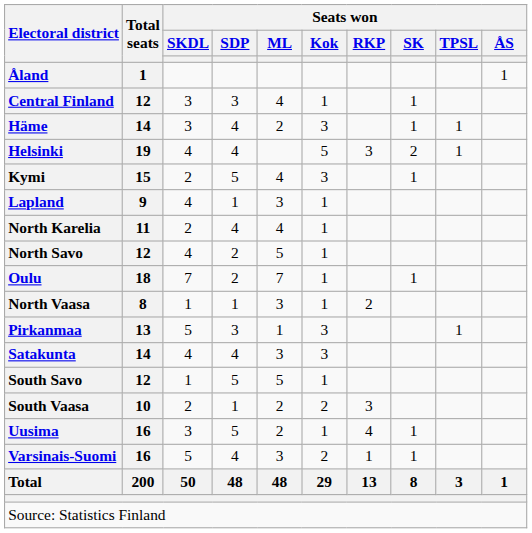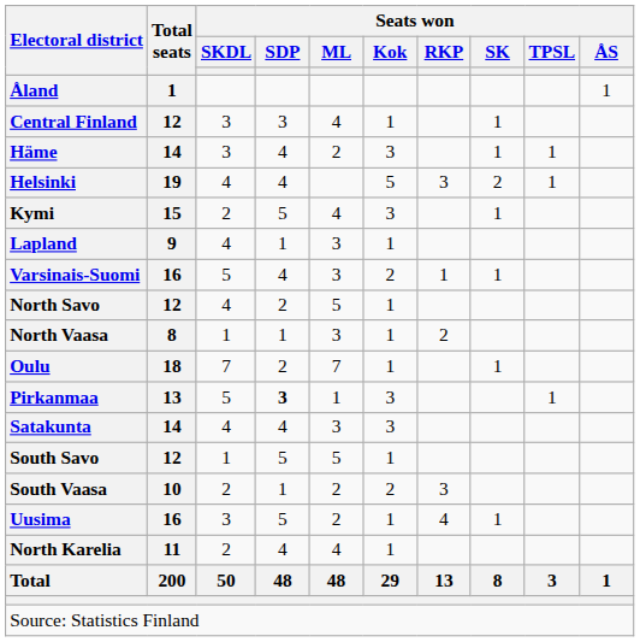 <table class="wikitable" style="text-align:center; font-size: 0.9em;">
 <tr>
 <th rowspan="3"><a href='#'>Electoral district</a></th>
 <th rowspan="3">Total<br>seats</th>
 <th colspan="8">Seats won</th>
 </tr>
 <tr>
 <th class="unsortable" style="width:35px;"><a href='#'>SKDL</a></th>
 <th class="unsortable" style="width:35px;"><a href='#'>SDP</a></th>
 <th class="unsortable" style="width:35px;"><a href='#'>ML</a></th>
 <th class="unsortable" style="width:35px;"><a href='#'>Kok</a></th>
 <th class="unsortable" style="width:35px;"><a href='#'>RKP</a></th>
 <th class="unsortable" style="width:35px;"><a href='#'>SK</a></th>
 <th class="unsortable" style="width:35px;"><a href='#'>TPSL</a></th>
 <th class="unsortable" style="width:35px;"><a href='#'>ÅS</a></th>
 </tr>
 <tr>
 <th style="background:"></th>
 <th style="background:"></th>
 <th style="background:"></th>
 <th style="background:"></th>
 <th style="background:"></th>
 <th style="background:"></th>
 <th style="background:"></th>
 <th style="background:"></th>
 </tr>
 <tr>
 <th style="text-align: left;"><a href='#'>Åland</a></th>
 <th>1</th>
 <td></td>
 <td></td>
 <td></td>
 <td></td>
 <td></td>
 <td></td>
 <td></td>
 <td>1</td>
 </tr>
 <tr>
 <th style="text-align: left;"><a href='#'>Central Finland</a></th>
 <th>12</th>
 <td>3</td>
 <td>3</td>
 <td>4</td>
 <td>1</td>
 <td></td>
 <td>1</td>
 <td></td>
 <td></td>
 </tr>
 <tr>
 <th style="text-align: left;"><a href='#'>Häme</a></th>
 <th>14</th>
 <td>3</td>
 <td>4</td>
 <td>2</td>
 <td>3</td>
 <td></td>
 <td>1</td>
 <td>1</td>
 <td></td>
 </tr>
 <tr>
 <th style="text-align: left;"><a href='#'>Helsinki</a></th>
 <th>19</th>
 <td>4</td>
 <td>4</td>
 <td></td>
 <td>5</td>
 <td>3</td>
 <td>2</td>
 <td>1</td>
 <td></td>
 </tr>
 <tr>
 <th style="text-align: left;">Kymi</th>
 <th>15</th>
 <td>2</td>
 <td>5</td>
 <td>4</td>
 <td>3</td>
 <td></td>
 <td>1</td>
 <td></td>
 <td></td>
 </tr>
 <tr>
 <th style="text-align: left;"><a href='#'>Lapland</a></th>
 <th>9</th>
 <td>4</td>
 <td>1</td>
 <td>3</td>
 <td>1</td>
 <td></td>
 <td></td>
 <td></td>
 <td></td>
 </tr>
 <tr>
-<th style="text-align: left;">North Karelia</th>
-<th>11</th>
+<th style="text-align: left;"><a href='#'>Varsinais-Suomi</a></th>
+<th>16</th>
+<td>5</td>
+<td>4</td>
+<td>3</td>
 <td>2</td>
-<td>4</td>
-<td>4</td>
 <td>1</td>
-<td></td>
-<td></td>
+<td>1</td>
 <td></td>
 <td></td>
 </tr>
 <tr>
 <th style="text-align: left;">North Savo</th>
 <th>12</th>
 <td>4</td>
 <td>2</td>
 <td>5</td>
 <td>1</td>
 <td></td>
+<td></td>
+<td></td>
+<td></td>
+</tr>
+<tr>
+<th style="text-align: left;">North Vaasa</th>
+<th>8</th>
+<td>1</td>
+<td>1</td>
+<td>3</td>
+<td>1</td>
+<td>2</td>
 <td></td>
 <td></td>
 <td></td>
 </tr>
 <tr>
 <th style="text-align: left;"><a href='#'>Oulu</a></th>
 <th>18</th>
 <td>7</td>
 <td>2</td>
 <td>7</td>
 <td>1</td>
 <td></td>
 <td>1</td>
 <td></td>
 <td></td>
 </tr>
 <tr>
-<th style="text-align: left;">North Vaasa</th>
-<th>8</th>
-<td>1</td>
-<td>1</td>
-<td>3</td>
-<td>1</td>
-<td>2</td>
-<td></td>
-<td></td>
-<td></td>
-</tr>
-<tr>
 <th style="text-align: left;"><a href='#'>Pirkanmaa</a></th>
 <th>13</th>
 <td>5</td>
-<td>3</td>
+<td><strong>3</strong></td>
 <td>1</td>
 <td>3</td>
 <td></td>
 <td></td>
 <td>1</td>
 <td></td>
 </tr>
 <tr>
 <th style="text-align: left;"><a href='#'>Satakunta</a></th>
 <th>14</th>
 <td>4</td>
 <td>4</td>
 <td>3</td>
 <td>3</td>
 <td></td>
 <td></td>
 <td></td>
 <td></td>
 </tr>
 <tr>
 <th style="text-align: left;">South Savo</th>
 <th>12</th>
 <td>1</td>
 <td>5</td>
 <td>5</td>
 <td>1</td>
 <td></td>
 <td></td>
 <td></td>
 <td></td>
 </tr>
 <tr>
 <th style="text-align: left;">South Vaasa</th>
 <th>10</th>
 <td>2</td>
 <td>1</td>
 <td>2</td>
 <td>2</td>
 <td>3</td>
 <td></td>
 <td></td>
 <td></td>
 </tr>
 <tr>
 <th style="text-align: left;"><a href='#'>Uusima</a></th>
 <th>16</th>
 <td>3</td>
 <td>5</td>
 <td>2</td>
 <td>1</td>
 <td>4</td>
 <td>1</td>
 <td></td>
 <td></td>
 </tr>
 <tr>
-<th style="text-align: left;"><a href='#'>Varsinais-Suomi</a></th>
-<th>16</th>
-<td>5</td>
+<th style="text-align: left;">North Karelia</th>
+<th>11</th>
+<td>2</td>
 <td>4</td>
-<td>3</td>
-<td>2</td>
+<td>4</td>
 <td>1</td>
-<td>1</td>
+<td></td>
+<td></td>
 <td></td>
 <td></td>
 </tr>
 <tr class="sortbottom">
 <th style="text-align: left;">Total</th>
 <th>200</th>
 <th>50</th>
 <th>48</th>
 <th>48</th>
 <th>29</th>
 <th>13</th>
 <th>8</th>
 <th>3</th>
 <th>1</th>
 </tr>
 <tr>
 <th colspan="10"></th>
 </tr>
 <tr>
 <td colspan="10" align=left>Source: Statistics Finland</td>
 </tr>
 </table>
